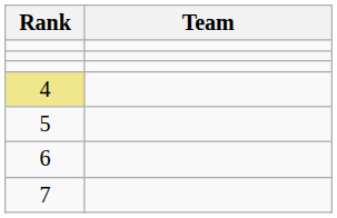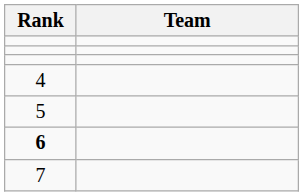 <table class="wikitable" style="text-align: center">
 <tr>
 <th width=50>Rank</th>
 <th width=170>Team</th>
 </tr>
 <tr>
 <td></td>
 <td align=left></td>
 </tr>
 <tr>
 <td></td>
 <td align=left></td>
 </tr>
 <tr>
 <td></td>
 <td align=left></td>
 </tr>
 <tr>
-<td style="background: khaki;">4</td>
+<td>4</td>
 <td align=left></td>
 </tr>
 <tr>
 <td>5</td>
 <td align=left></td>
 </tr>
 <tr>
-<td>6</td>
+<td><strong>6</strong></td>
 <td align=left></td>
 </tr>
 <tr>
 <td>7</td>
 <td align=left></td>
 </tr>
 </table>
